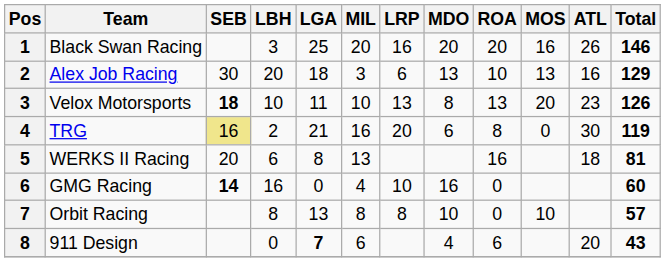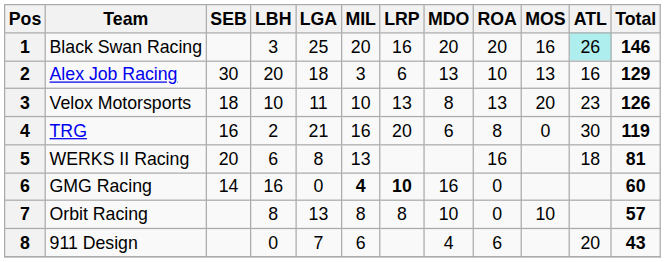 <table class="wikitable" style="font-size: 90%;">
 <tr>
 <th>Pos</th>
 <th>Team</th>
 <th>SEB</th>
 <th>LBH</th>
 <th>LGA</th>
 <th>MIL</th>
 <th>LRP</th>
 <th>MDO</th>
 <th>ROA</th>
 <th>MOS</th>
 <th>ATL</th>
 <th>Total</th>
 </tr>
 <tr>
 <th>1</th>
 <td> Black Swan Racing</td>
 <td></td>
 <td align="center">3</td>
 <td align="center">25</td>
 <td align="center">20</td>
 <td align="center">16</td>
 <td align="center">20</td>
 <td align="center">20</td>
 <td align="center">16</td>
-<td align="center">26</td>
+<td align="center" style="background: paleturquoise;">26</td>
 <td align="center"><strong>146</strong></td>
 </tr>
 <tr>
 <th>2</th>
 <td> <a href='#'>Alex Job Racing</a></td>
 <td align="center">30</td>
 <td align="center">20</td>
 <td align="center">18</td>
 <td align="center">3</td>
 <td align="center">6</td>
 <td align="center">13</td>
 <td align="center">10</td>
 <td align="center">13</td>
 <td align="center">16</td>
 <td align="center"><strong>129</strong></td>
 </tr>
 <tr>
 <th>3</th>
 <td> Velox Motorsports</td>
-<td align="center"><strong>18</strong></td>
+<td align="center">18</td>
 <td align="center">10</td>
 <td align="center">11</td>
 <td align="center">10</td>
 <td align="center">13</td>
 <td align="center">8</td>
 <td align="center">13</td>
 <td align="center">20</td>
 <td align="center">23</td>
 <td align="center"><strong>126</strong></td>
 </tr>
 <tr>
 <th>4</th>
 <td> <a href='#'>TRG</a></td>
-<td align="center" style="background: khaki;">16</td>
+<td align="center">16</td>
 <td align="center">2</td>
 <td align="center">21</td>
 <td align="center">16</td>
 <td align="center">20</td>
 <td align="center">6</td>
 <td align="center">8</td>
 <td align="center">0</td>
 <td align="center">30</td>
 <td align="center"><strong>119</strong></td>
 </tr>
 <tr>
 <th>5</th>
 <td> WERKS II Racing</td>
 <td align="center">20</td>
 <td align="center">6</td>
 <td align="center">8</td>
 <td align="center">13</td>
 <td></td>
 <td></td>
 <td align="center">16</td>
 <td></td>
 <td align="center">18</td>
 <td align="center"><strong>81</strong></td>
 </tr>
 <tr>
 <th>6</th>
 <td> GMG Racing</td>
-<td align="center"><strong>14</strong></td>
+<td align="center">14</td>
 <td align="center">16</td>
 <td align="center">0</td>
-<td align="center">4</td>
-<td align="center">10</td>
+<td align="center"><strong>4</strong></td>
+<td align="center"><strong>10</strong></td>
 <td align="center">16</td>
 <td align="center">0</td>
 <td></td>
 <td></td>
 <td align="center"><strong>60</strong></td>
 </tr>
 <tr>
 <th>7</th>
 <td> Orbit Racing</td>
 <td></td>
 <td align="center">8</td>
 <td align="center">13</td>
 <td align="center">8</td>
 <td align="center">8</td>
 <td align="center">10</td>
 <td align="center">0</td>
 <td align="center">10</td>
 <td></td>
 <td align="center"><strong>57</strong></td>
 </tr>
 <tr>
 <th>8</th>
 <td> 911 Design</td>
 <td></td>
 <td align="center">0</td>
-<td align="center"><strong>7</strong></td>
+<td align="center">7</td>
 <td align="center">6</td>
 <td></td>
 <td align="center">4</td>
 <td align="center">6</td>
 <td></td>
 <td align="center">20</td>
 <td align="center"><strong>43</strong></td>
 </tr>
 <tr>
 </tr>
 </table>
